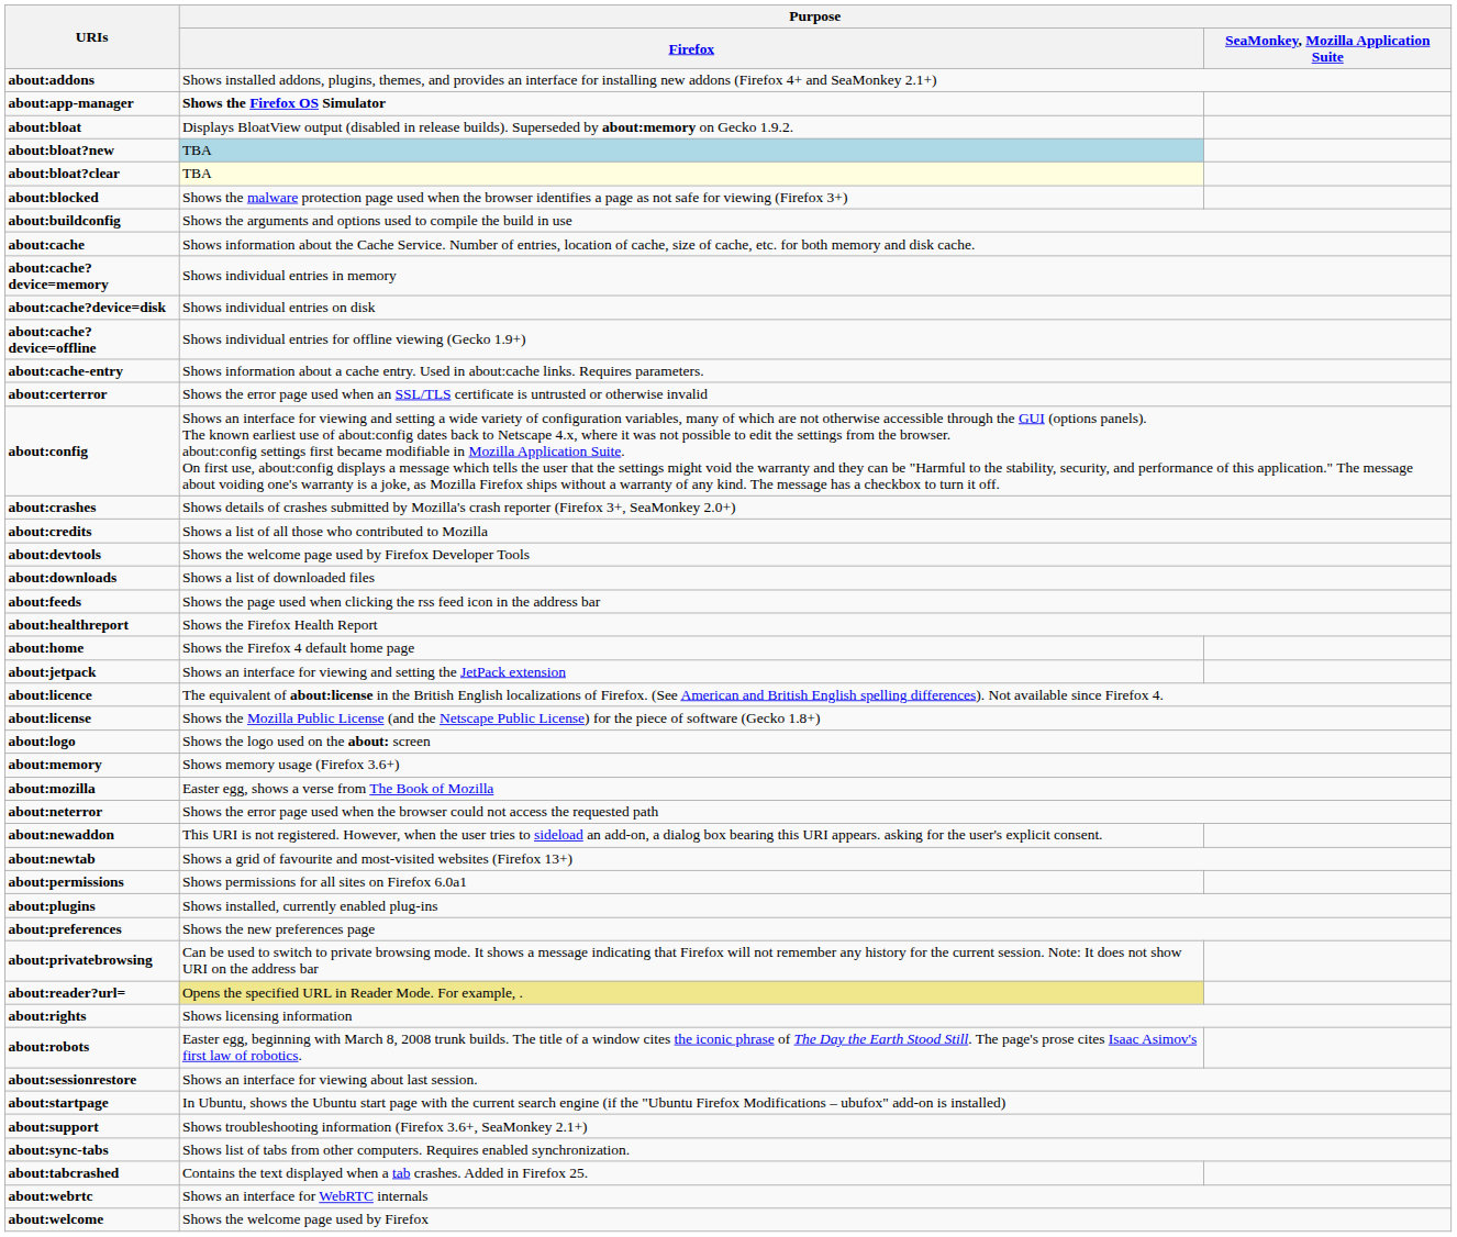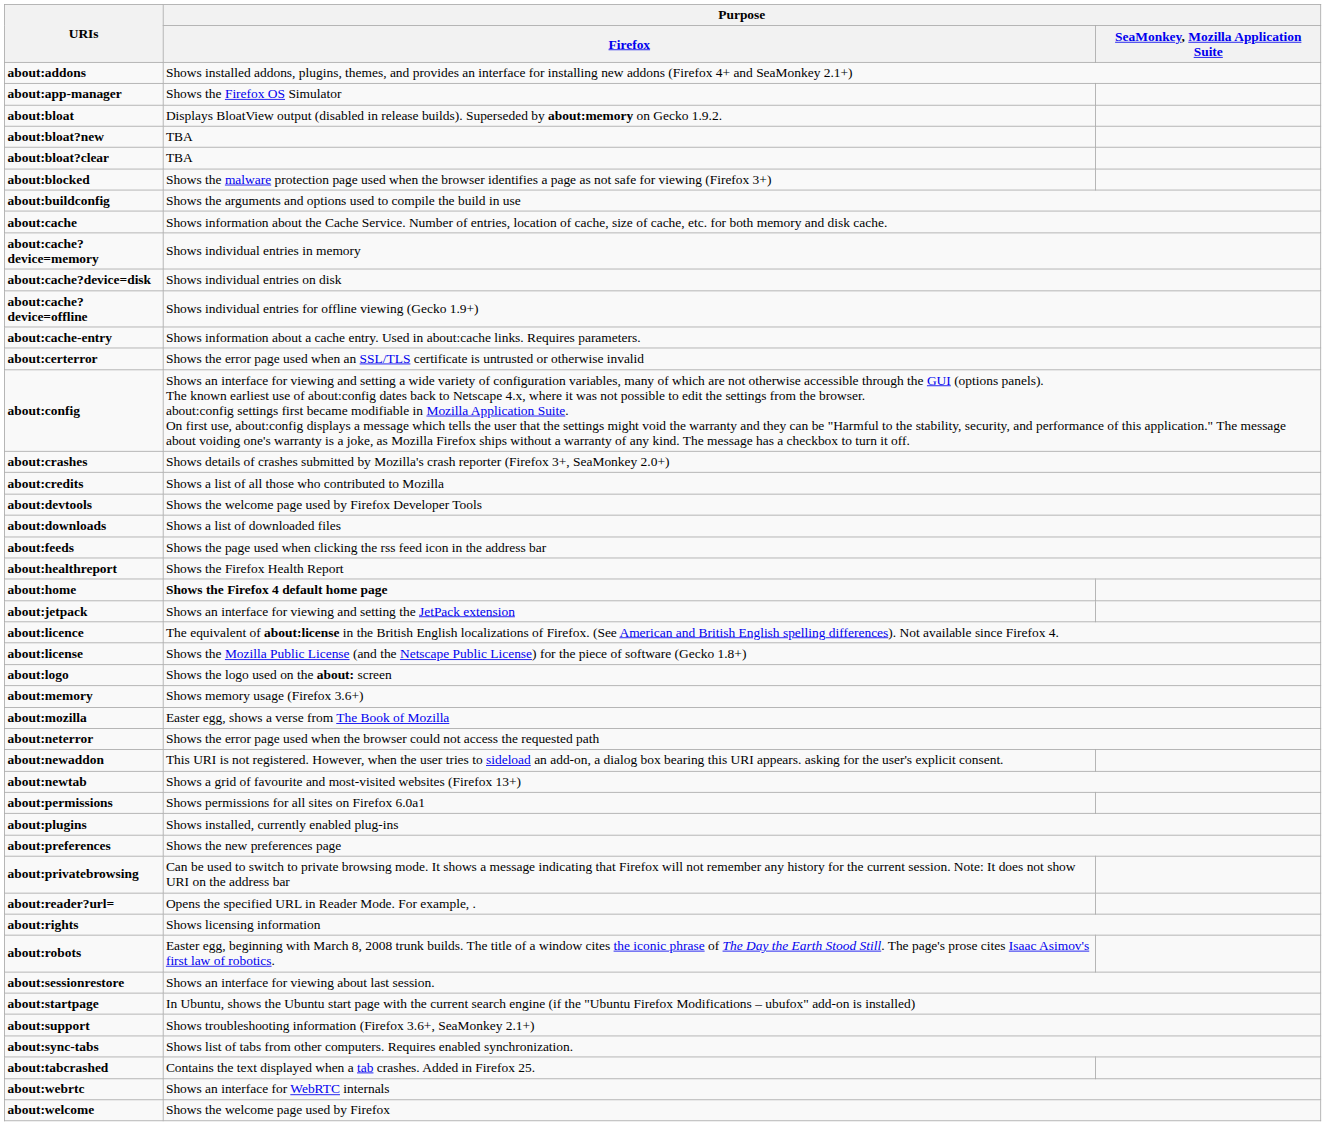 <table class="wikitable">
 <tr>
 <th rowspan="2">URIs</th>
 <th colspan="2">Purpose</th>
 </tr>
 <tr>
 <th><a href='#'>Firefox</a></th>
 <th><a href='#'>SeaMonkey</a>, <a href='#'>Mozilla Application Suite</a></th>
 </tr>
 <tr>
 <td><strong>about:addons</strong></td>
 <td colspan="2">Shows installed addons, plugins, themes, and provides an interface for installing new addons (Firefox 4+ and SeaMonkey 2.1+)</td>
 </tr>
 <tr>
 <td><strong>about:app-manager</strong></td>
-<td><strong>Shows the <a href='#'>Firefox OS</a> Simulator</strong></td>
+<td>Shows the <a href='#'>Firefox OS</a> Simulator</td>
 <td></td>
 </tr>
 <tr>
 <td><strong>about:bloat</strong></td>
 <td>Displays BloatView output (disabled in release builds). Superseded by <strong>about:memory</strong> on Gecko 1.9.2.</td>
 <td></td>
 </tr>
 <tr>
 <td><strong>about:bloat?new</strong></td>
-<td style="background: lightblue;">TBA</td>
+<td>TBA</td>
 <td></td>
 </tr>
 <tr>
 <td><strong>about:bloat?clear</strong></td>
-<td style="background: lightyellow;">TBA</td>
+<td>TBA</td>
 <td></td>
 </tr>
 <tr>
 <td><strong>about:blocked</strong></td>
 <td>Shows the <a href='#'>malware</a> protection page used when the browser identifies a page as not safe for viewing (Firefox 3+)</td>
 <td></td>
 </tr>
 <tr>
 <td><strong>about:buildconfig</strong></td>
 <td colspan="2">Shows the arguments and options used to compile the build in use</td>
 </tr>
 <tr>
 <td><strong>about:cache</strong></td>
 <td colspan="2">Shows information about the Cache Service. Number of entries, location of cache, size of cache, etc. for both memory and disk cache.</td>
 </tr>
 <tr>
 <td><strong>about:cache?device=memory</strong></td>
 <td colspan="2">Shows individual entries in memory</td>
 </tr>
 <tr>
 <td><strong>about:cache?device=disk</strong></td>
 <td colspan="2">Shows individual entries on disk</td>
 </tr>
 <tr>
 <td><strong>about:cache?device=offline</strong></td>
 <td colspan="2">Shows individual entries for offline viewing (Gecko 1.9+)</td>
 </tr>
 <tr>
 <td><strong>about:cache-entry</strong></td>
 <td colspan="2">Shows information about a cache entry. Used in about:cache links. Requires parameters.</td>
 </tr>
 <tr>
 <td><strong>about:certerror</strong></td>
 <td colspan="2">Shows the error page used when an <a href='#'>SSL/TLS</a> certificate is untrusted or otherwise invalid</td>
 </tr>
 <tr>
 <td><strong>about:config</strong></td>
 <td colspan="2">Shows an interface for viewing and setting a wide variety of configuration variables, many of which are not otherwise accessible through the <a href='#'>GUI</a> (options panels).<br>The known earliest use of about:config dates back to Netscape 4.x, where it was not possible to edit the settings from the browser.<br>about:config settings first became modifiable in <a href='#'>Mozilla Application Suite</a>.<br>On first use, about:config displays a message which tells the user that the settings might void the warranty and they can be "Harmful to the stability, security, and performance of this application." The message about voiding one's warranty is a joke, as Mozilla Firefox ships without a warranty of any kind. The message has a checkbox to turn it off.</td>
 </tr>
 <tr>
 <td><strong>about:crashes</strong></td>
 <td colspan="2">Shows details of crashes submitted by Mozilla's crash reporter (Firefox 3+, SeaMonkey 2.0+)</td>
 </tr>
 <tr>
 <td><strong>about:credits</strong></td>
 <td colspan="2">Shows a list of all those who contributed to Mozilla</td>
 </tr>
 <tr>
 <td><strong>about:devtools</strong></td>
 <td colspan="2">Shows the welcome page used by Firefox Developer Tools</td>
 </tr>
 <tr>
 <td><strong>about:downloads</strong></td>
 <td colspan="2">Shows a list of downloaded files</td>
 </tr>
 <tr>
 <td><strong>about:feeds</strong></td>
 <td colspan="2">Shows the page used when clicking the rss feed icon in the address bar</td>
 </tr>
 <tr>
 <td><strong>about:healthreport</strong></td>
 <td colspan="2">Shows the Firefox Health Report</td>
 </tr>
 <tr>
 <td><strong>about:home</strong></td>
-<td>Shows the Firefox 4 default home page</td>
+<td><strong>Shows the Firefox 4 default home page</strong></td>
 <td></td>
 </tr>
 <tr>
 <td><strong>about:jetpack</strong></td>
 <td>Shows an interface for viewing and setting the <a href='#'>JetPack extension</a></td>
 <td></td>
 </tr>
 <tr>
 <td><strong>about:licence</strong></td>
 <td colspan="2">The equivalent of <strong>about:license</strong> in the British English localizations of Firefox. (See <a href='#'>American and British English spelling differences</a>). Not available since Firefox 4.</td>
 </tr>
 <tr>
 <td><strong>about:license</strong></td>
 <td colspan="2">Shows the <a href='#'>Mozilla Public License</a> (and the <a href='#'>Netscape Public License</a>) for the piece of software (Gecko 1.8+)</td>
 </tr>
 <tr>
 <td><strong>about:logo</strong></td>
 <td colspan="2">Shows the logo used on the <strong>about:</strong> screen</td>
 </tr>
 <tr>
 <td><strong>about:memory</strong></td>
 <td colspan="2">Shows memory usage (Firefox 3.6+)</td>
 </tr>
 <tr>
 <td><strong>about:mozilla</strong></td>
 <td colspan="2">Easter egg, shows a verse from <a href='#'>The Book of Mozilla</a></td>
 </tr>
 <tr>
 <td><strong>about:neterror</strong></td>
 <td colspan="2">Shows the error page used when the browser could not access the requested path</td>
 </tr>
 <tr>
 <td><strong>about:newaddon</strong></td>
 <td>This URI is not registered. However, when the user tries to <a href='#'>sideload</a> an add-on, a dialog box bearing this URI appears. asking for the user's explicit consent.</td>
 <td></td>
 </tr>
 <tr>
 <td><strong>about:newtab</strong></td>
 <td colspan="2">Shows a grid of favourite and most-visited websites (Firefox 13+)</td>
 </tr>
 <tr>
 <td><strong>about:permissions</strong></td>
 <td>Shows permissions for all sites on Firefox 6.0a1</td>
 <td></td>
 </tr>
 <tr>
 <td><strong>about:plugins</strong></td>
 <td colspan="2">Shows installed, currently enabled plug-ins</td>
 </tr>
 <tr>
 <td><strong>about:preferences</strong></td>
 <td colspan="2">Shows the new preferences page</td>
 </tr>
 <tr>
 <td><strong>about:privatebrowsing</strong></td>
 <td>Can be used to switch to private browsing mode. It shows a message indicating that Firefox will not remember any history for the current session. Note: It does not show URI on the address bar</td>
 <td></td>
 </tr>
 <tr>
 <td><strong>about:reader?url=</strong></td>
-<td style="background: khaki;">Opens the specified URL in Reader Mode. For example, <code></code>.</td>
+<td>Opens the specified URL in Reader Mode. For example, <code></code>.</td>
 <td></td>
 </tr>
 <tr>
 <td><strong>about:rights</strong></td>
 <td colspan="2">Shows licensing information</td>
 </tr>
 <tr>
 <td><strong>about:robots</strong></td>
 <td>Easter egg, beginning with March 8, 2008 trunk builds. The title of a window cites <a href='#'>the iconic phrase</a> of <em><a href='#'>The Day the Earth Stood Still</a></em>. The page's prose cites <a href='#'>Isaac Asimov's first law of robotics</a>.</td>
 <td></td>
 </tr>
 <tr>
 <td><strong>about:sessionrestore</strong></td>
 <td colspan="2">Shows an interface for viewing about last session.</td>
 </tr>
 <tr>
 <td><strong>about:startpage</strong></td>
 <td colspan="2">In Ubuntu, shows the Ubuntu start page with the current search engine (if the "Ubuntu Firefox Modifications – ubufox" add-on is installed)</td>
 </tr>
 <tr>
 <td><strong>about:support</strong></td>
 <td colspan="2">Shows troubleshooting information (Firefox 3.6+, SeaMonkey 2.1+)</td>
 </tr>
 <tr>
 <td><strong>about:sync-tabs</strong></td>
 <td colspan="2">Shows list of tabs from other computers. Requires enabled synchronization.</td>
 </tr>
 <tr>
 <td><strong>about:tabcrashed</strong></td>
 <td>Contains the text displayed when a <a href='#'>tab</a> crashes. Added in Firefox 25.</td>
 <td></td>
 </tr>
 <tr>
 <td><strong>about:webrtc</strong></td>
 <td colspan="2">Shows an interface for <a href='#'>WebRTC</a> internals</td>
 </tr>
 <tr>
 <td><strong>about:welcome</strong></td>
 <td colspan="2">Shows the welcome page used by Firefox</td>
 </tr>
 </table>
